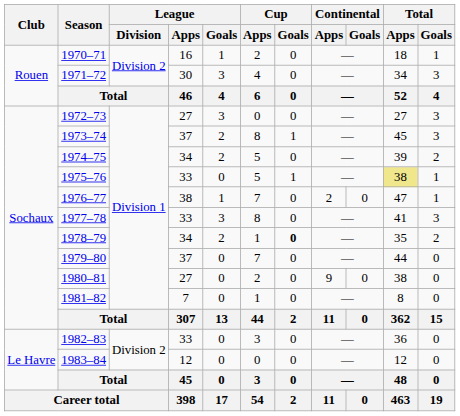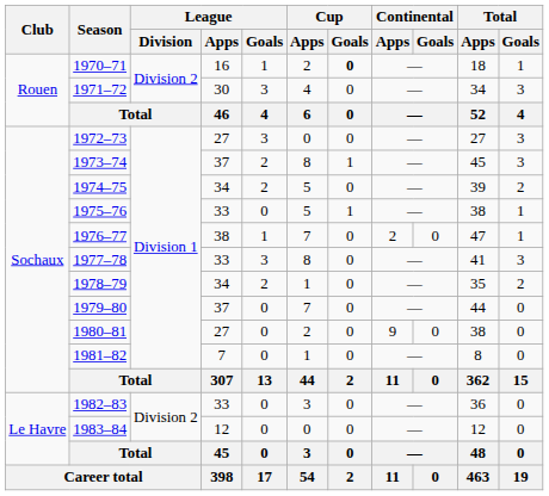 <table class="wikitable" style="text-align:center">
 <tr>
 <th rowspan="2">Club</th>
 <th rowspan="2">Season</th>
 <th colspan="3">League</th>
 <th colspan="2">Cup</th>
 <th colspan="2">Continental</th>
 <th colspan="2">Total</th>
 </tr>
 <tr>
 <th>Division</th>
 <th>Apps</th>
 <th>Goals</th>
 <th>Apps</th>
 <th>Goals</th>
 <th>Apps</th>
 <th>Goals</th>
 <th>Apps</th>
 <th>Goals</th>
 </tr>
 <tr>
 <td rowspan="3"><a href='#'>Rouen</a></td>
 <td><a href='#'>1970–71</a></td>
 <td rowspan="2"><a href='#'>Division 2</a></td>
 <td>16</td>
 <td>1</td>
 <td>2</td>
-<td>0</td>
+<td><strong>0</strong></td>
 <td colspan="2">—</td>
 <td>18</td>
 <td>1</td>
 </tr>
 <tr>
 <td><a href='#'>1971–72</a></td>
 <td>30</td>
 <td>3</td>
 <td>4</td>
 <td>0</td>
 <td colspan="2">—</td>
 <td>34</td>
 <td>3</td>
 </tr>
 <tr>
 <th colspan="2">Total</th>
 <th>46</th>
 <th>4</th>
 <th>6</th>
 <th>0</th>
 <th colspan="2">—</th>
 <th>52</th>
 <th>4</th>
 </tr>
 <tr>
 <td rowspan="11"><a href='#'>Sochaux</a></td>
 <td><a href='#'>1972–73</a></td>
 <td rowspan="10"><a href='#'>Division 1</a></td>
 <td>27</td>
 <td>3</td>
 <td>0</td>
 <td>0</td>
 <td colspan="2">—</td>
 <td>27</td>
 <td>3</td>
 </tr>
 <tr>
 <td><a href='#'>1973–74</a></td>
 <td>37</td>
 <td>2</td>
 <td>8</td>
 <td>1</td>
 <td colspan="2">—</td>
 <td>45</td>
 <td>3</td>
 </tr>
 <tr>
 <td><a href='#'>1974–75</a></td>
 <td>34</td>
 <td>2</td>
 <td>5</td>
 <td>0</td>
 <td colspan="2">—</td>
 <td>39</td>
 <td>2</td>
 </tr>
 <tr>
 <td><a href='#'>1975–76</a></td>
 <td>33</td>
 <td>0</td>
 <td>5</td>
 <td>1</td>
 <td colspan="2">—</td>
-<td style="background: khaki;">38</td>
+<td>38</td>
 <td>1</td>
 </tr>
 <tr>
 <td><a href='#'>1976–77</a></td>
 <td>38</td>
 <td>1</td>
 <td>7</td>
 <td>0</td>
 <td>2</td>
 <td>0</td>
 <td>47</td>
 <td>1</td>
 </tr>
 <tr>
 <td><a href='#'>1977–78</a></td>
 <td>33</td>
 <td>3</td>
 <td>8</td>
 <td>0</td>
 <td colspan="2">—</td>
 <td>41</td>
 <td>3</td>
 </tr>
 <tr>
 <td><a href='#'>1978–79</a></td>
 <td>34</td>
 <td>2</td>
 <td>1</td>
-<td><strong>0</strong></td>
+<td>0</td>
 <td colspan="2">—</td>
 <td>35</td>
 <td>2</td>
 </tr>
 <tr>
 <td><a href='#'>1979–80</a></td>
 <td>37</td>
 <td>0</td>
 <td>7</td>
 <td>0</td>
 <td colspan="2">—</td>
 <td>44</td>
 <td>0</td>
 </tr>
 <tr>
 <td><a href='#'>1980–81</a></td>
 <td>27</td>
 <td>0</td>
 <td>2</td>
 <td>0</td>
 <td>9</td>
 <td>0</td>
 <td>38</td>
 <td>0</td>
 </tr>
 <tr>
 <td><a href='#'>1981–82</a></td>
 <td>7</td>
 <td>0</td>
 <td>1</td>
 <td>0</td>
 <td colspan="2">—</td>
 <td>8</td>
 <td>0</td>
 </tr>
 <tr>
 <th colspan="2">Total</th>
 <th>307</th>
 <th>13</th>
 <th>44</th>
 <th>2</th>
 <th>11</th>
 <th>0</th>
 <th>362</th>
 <th>15</th>
 </tr>
 <tr>
 <td rowspan="3"><a href='#'>Le Havre</a></td>
 <td><a href='#'>1982–83</a></td>
 <td rowspan="2">Division 2</td>
 <td>33</td>
 <td>0</td>
 <td>3</td>
 <td>0</td>
 <td colspan="2">—</td>
 <td>36</td>
 <td>0</td>
 </tr>
 <tr>
 <td><a href='#'>1983–84</a></td>
 <td>12</td>
 <td>0</td>
 <td>0</td>
 <td>0</td>
 <td colspan="2">—</td>
 <td>12</td>
 <td>0</td>
 </tr>
 <tr>
 <th colspan="2">Total</th>
 <th>45</th>
 <th>0</th>
 <th>3</th>
 <th>0</th>
 <th colspan="2">—</th>
 <th>48</th>
 <th>0</th>
 </tr>
 <tr>
 <th colspan="3">Career total</th>
 <th>398</th>
 <th>17</th>
 <th>54</th>
 <th>2</th>
 <th>11</th>
 <th>0</th>
 <th>463</th>
 <th>19</th>
 </tr>
 </table>
